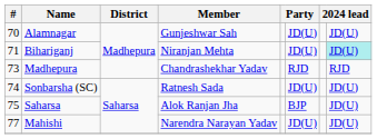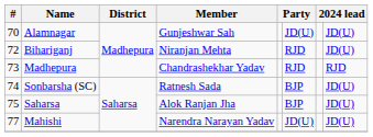 <table class="wikitable">
 <tr>
 <th>#</th>
 <th>Name</th>
 <th>District</th>
 <th>Member</th>
 <th colspan="2">Party</th>
 <th colspan="2">2024 lead</th>
 </tr>
 <tr>
 <td>70</td>
 <td><a href='#'>Alamnagar</a></td>
 <td rowspan="3"><a href='#'>Madhepura</a></td>
 <td><a href='#'>Gunjeshwar Sah</a></td>
 <td style="background-color: "></td>
 <td><a href='#'>JD(U)</a></td>
 <td style="background-color: "></td>
 <td><a href='#'>JD(U)</a></td>
 </tr>
 <tr>
-<td>71</td>
+<td>72</td>
 <td><a href='#'>Bihariganj</a></td>
 <td><a href='#'>Niranjan Mehta</a></td>
 <td style="background-color: "></td>
+<td><a href='#'>RJD</a></td>
+<td style="background-color: "></td>
 <td><a href='#'>JD(U)</a></td>
-<td style="background-color: "></td>
-<td style="background: paleturquoise;"><a href='#'>JD(U)</a></td>
 </tr>
 <tr>
 <td>73</td>
 <td><a href='#'>Madhepura</a></td>
 <td><a href='#'>Chandrashekhar Yadav</a></td>
 <td style="background-color: "></td>
 <td><a href='#'>RJD</a></td>
 <td style="background-color: "></td>
 <td><a href='#'>RJD</a></td>
 </tr>
 <tr>
 <td>74</td>
 <td><a href='#'>Sonbarsha</a> (SC)</td>
 <td rowspan="3"><a href='#'>Saharsa</a></td>
 <td><a href='#'>Ratnesh Sada</a></td>
 <td style="background-color: "></td>
-<td><a href='#'>JD(U)</a></td>
+<td><a href='#'>BJP</a></td>
 <td style="background-color: "></td>
 <td><a href='#'>JD(U)</a></td>
 </tr>
 <tr>
 <td>75</td>
 <td><a href='#'>Saharsa</a></td>
 <td><a href='#'>Alok Ranjan Jha</a></td>
 <td style="background-color: "></td>
 <td><a href='#'>BJP</a></td>
 <td style="background-color: "></td>
 <td><a href='#'>JD(U)</a></td>
 </tr>
 <tr>
 <td>77</td>
 <td><a href='#'>Mahishi</a></td>
 <td><a href='#'>Narendra Narayan Yadav</a></td>
 <td style="background-color: "></td>
 <td><a href='#'>JD(U)</a></td>
 <td style="background-color: "></td>
 <td><a href='#'>JD(U)</a></td>
 </tr>
 <tr>
 </tr>
 </table>
